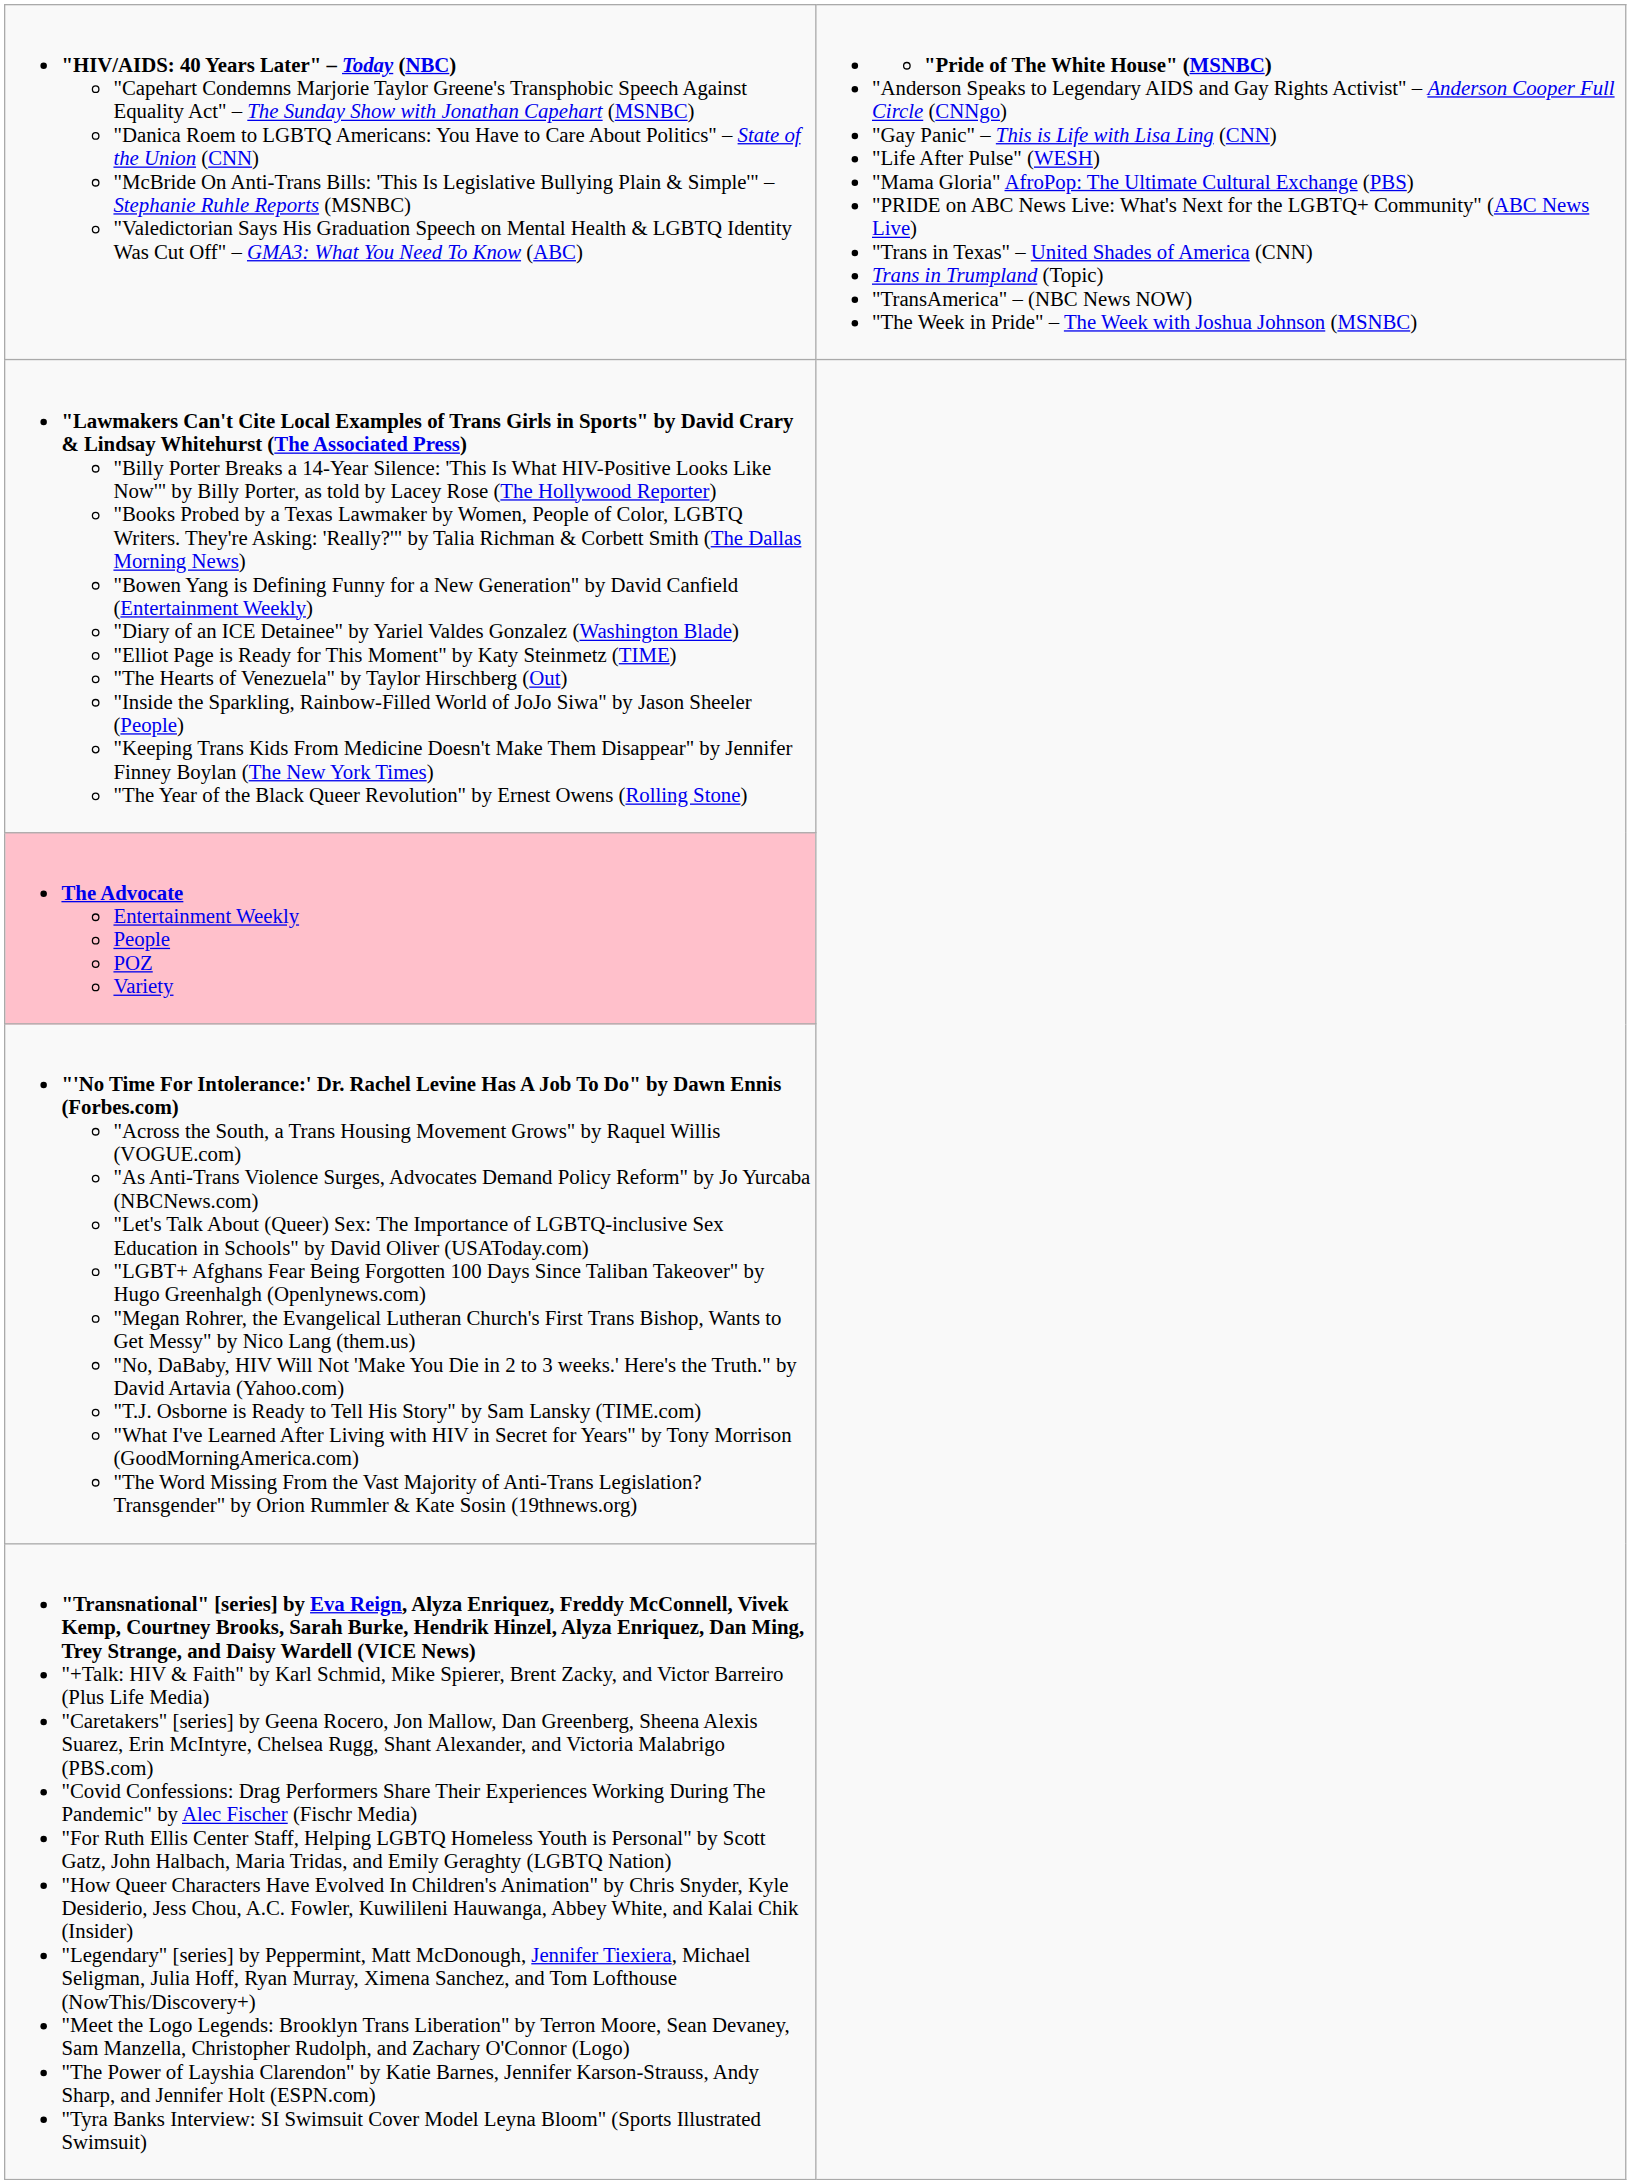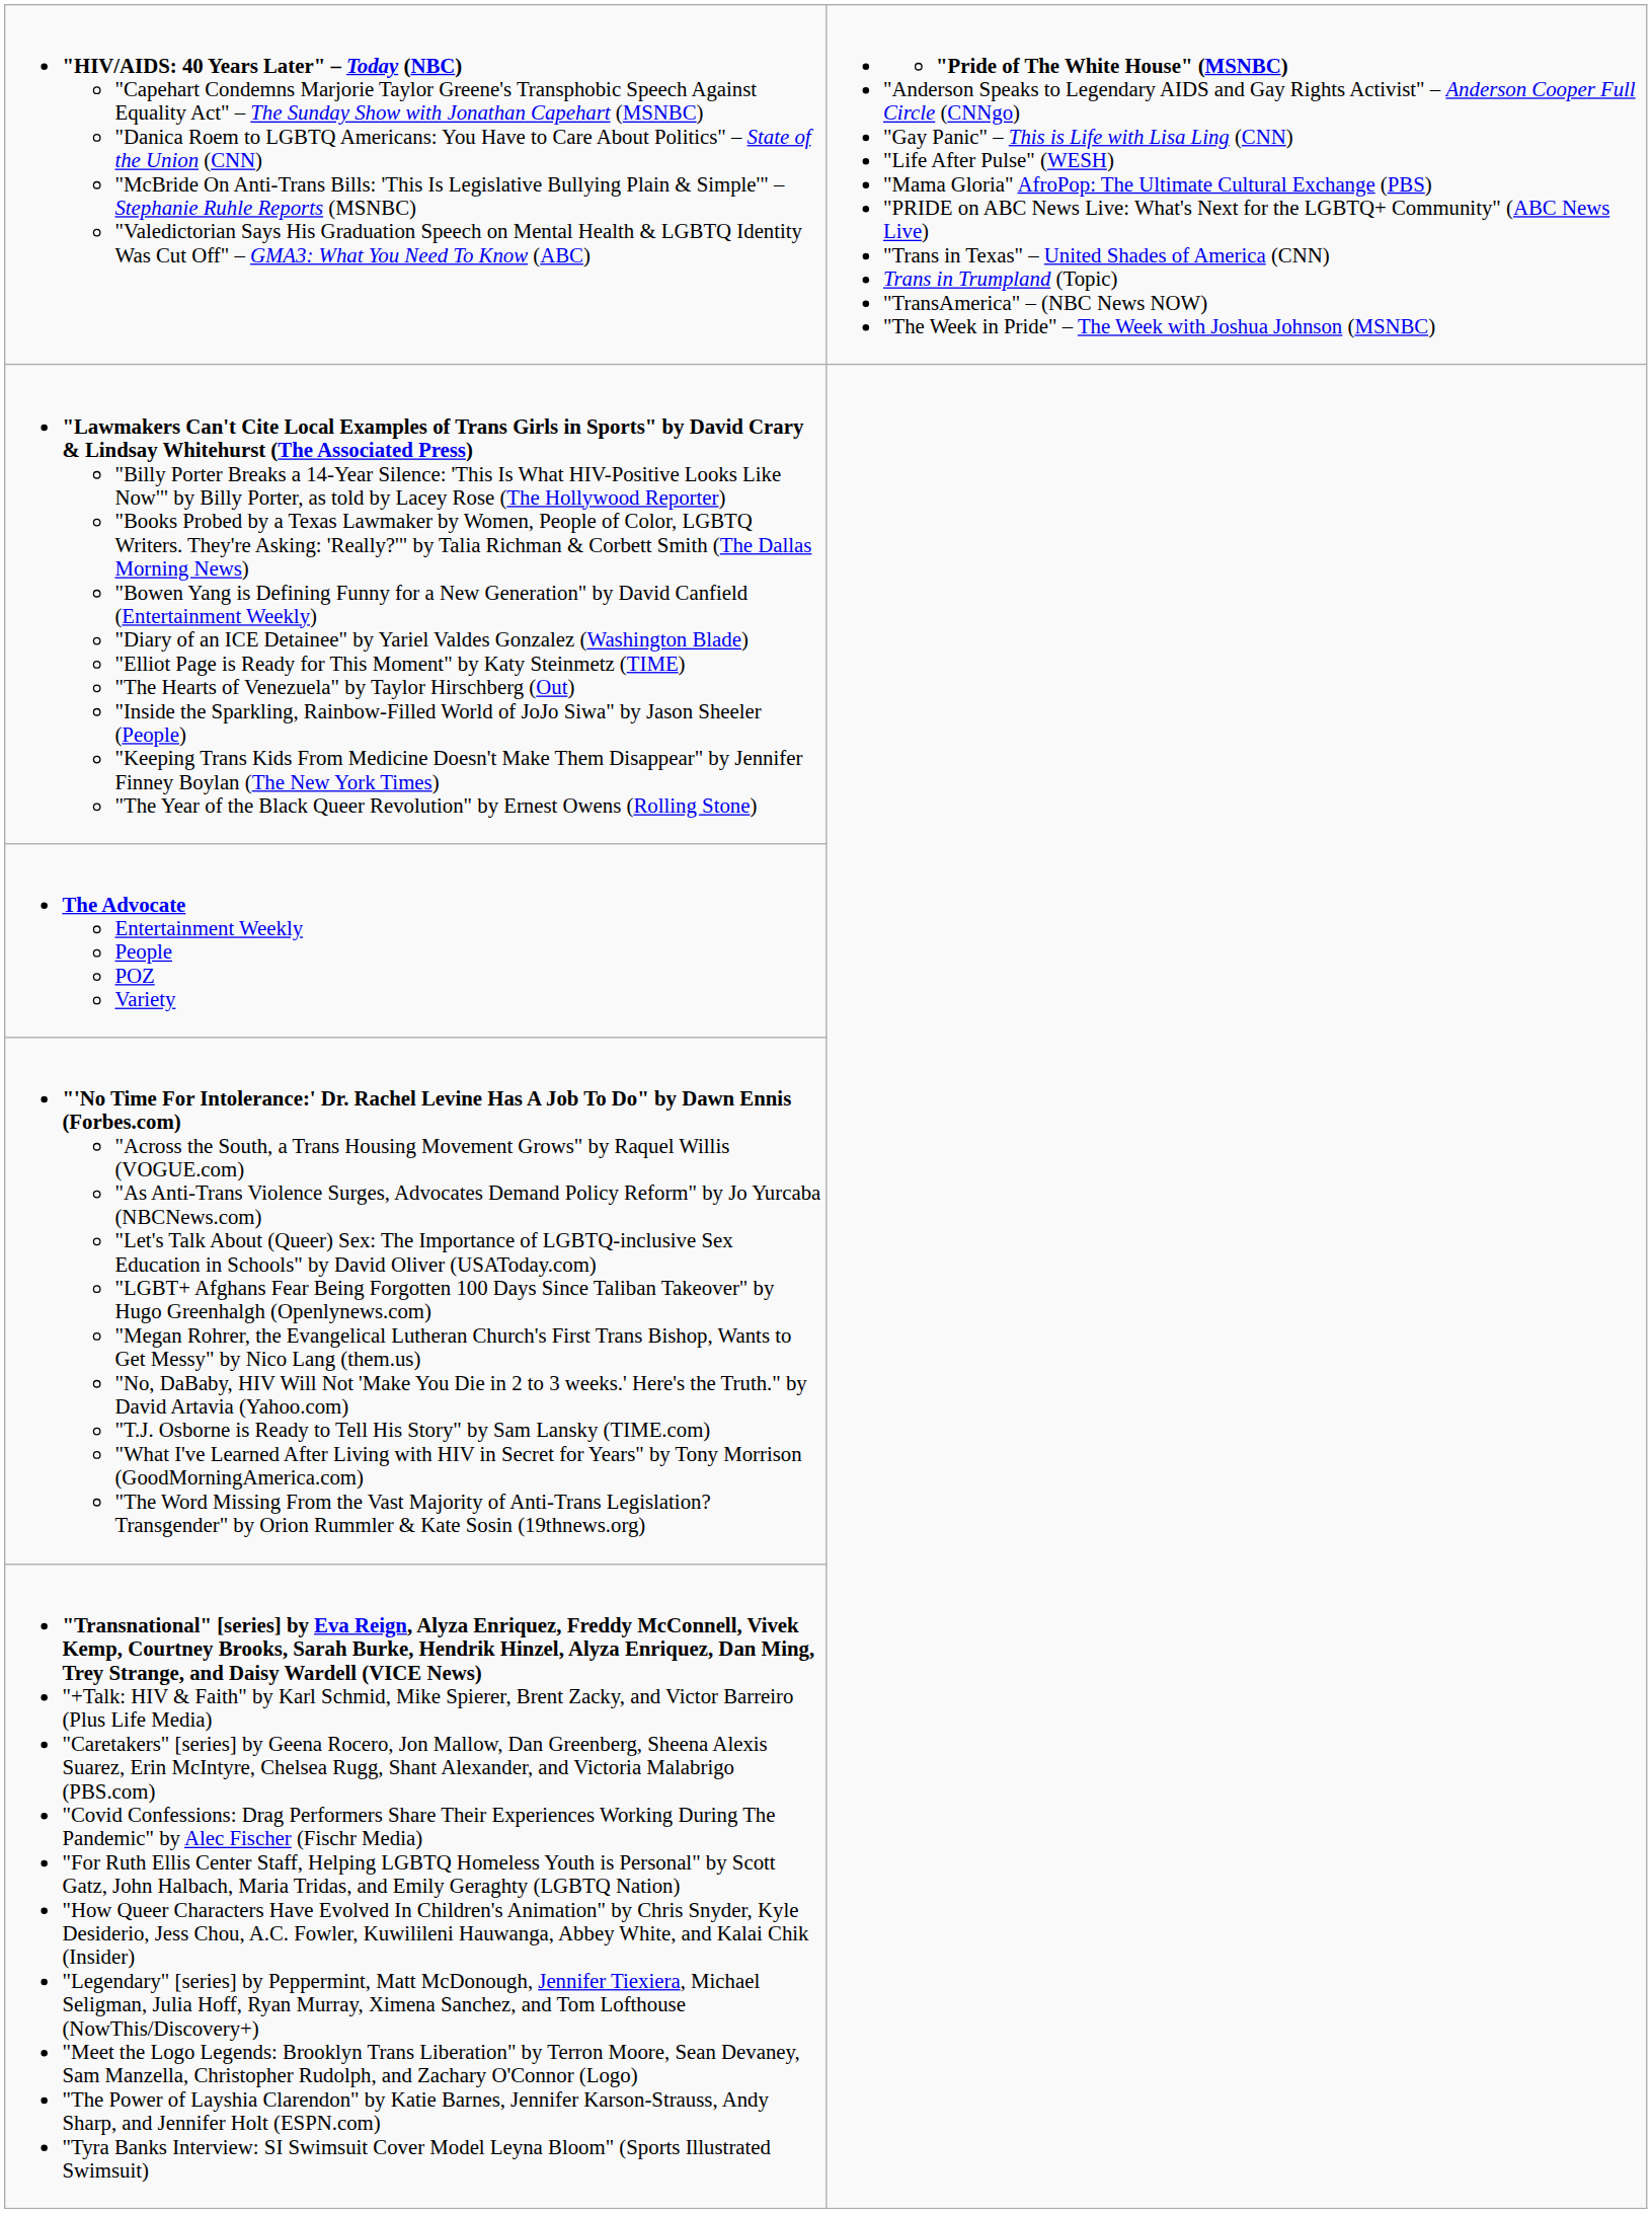 <table class=wikitable>
 <tr>
 <td style="vertical-align:top; width:50%;"><br><ul><li><strong>"HIV/AIDS: 40 Years Later" – <em><a href='#'>Today</a></em> (<a href='#'>NBC</a>)</strong> <ul><li>"Capehart Condemns Marjorie Taylor Greene's Transphobic Speech Against Equality Act" – <em><a href='#'>The Sunday Show with Jonathan Capehart</a></em> (<a href='#'>MSNBC</a>)</li><li>"Danica Roem to LGBTQ Americans: You Have to Care About Politics" – <em><a href='#'>State of the Union</a></em> (<a href='#'>CNN</a>)</li><li>"McBride On Anti-Trans Bills: 'This Is Legislative Bullying Plain & Simple'" – <em><a href='#'>Stephanie Ruhle Reports</a></em> (MSNBC)</li><li>"Valedictorian Says His Graduation Speech on Mental Health & LGBTQ Identity Was Cut Off" – <em><a href='#'>GMA3: What You Need To Know</a></em> (<a href='#'>ABC</a>)</li></ul></li></ul></td>
 <td style="vertical-align:top; width:50%;"><br><ul><li><ul><li><strong>"Pride of The White House" (<a href='#'>MSNBC</a>)</strong> </li></ul></li><li>"Anderson Speaks to Legendary AIDS and Gay Rights Activist" – <em><a href='#'>Anderson Cooper Full Circle</a></em> (<a href='#'>CNNgo</a>)</li><li>"Gay Panic" – <em><a href='#'>This is Life with Lisa Ling</a></em> (<a href='#'>CNN</a>)</li><li>"Life After Pulse" (<a href='#'>WESH</a>)</li><li>"Mama Gloria" <a href='#'>AfroPop: The Ultimate Cultural Exchange</a> (<a href='#'>PBS</a>)</li><li>"PRIDE on ABC News Live: What's Next for the LGBTQ+ Community" (<a href='#'>ABC News Live</a>)</li><li>"Trans in Texas" – <a href='#'>United Shades of America</a> (CNN)</li><li><em><a href='#'>Trans in Trumpland</a></em> (Topic)</li><li>"TransAmerica" – (NBC News NOW)</li><li>"The Week in Pride" – <a href='#'>The Week with Joshua Johnson</a> (<a href='#'>MSNBC</a>)</li></ul></td>
 </tr>
 <tr>
 <td style="vertical-align:top; width:50%;"><br><ul><li><strong>"Lawmakers Can't Cite Local Examples of Trans Girls in Sports" by David Crary & Lindsay Whitehurst (<a href='#'>The Associated Press</a>)</strong> <ul><li>"Billy Porter Breaks a 14-Year Silence: 'This Is What HIV-Positive Looks Like Now'" by Billy Porter, as told by Lacey Rose (<a href='#'>The Hollywood Reporter</a>)</li><li>"Books Probed by a Texas Lawmaker by Women, People of Color, LGBTQ Writers. They're Asking: 'Really?'" by Talia Richman & Corbett Smith (<a href='#'>The Dallas Morning News</a>)</li><li>"Bowen Yang is Defining Funny for a New Generation" by David Canfield (<a href='#'>Entertainment Weekly</a>)</li><li>"Diary of an ICE Detainee" by Yariel Valdes Gonzalez (<a href='#'>Washington Blade</a>)</li><li>"Elliot Page is Ready for This Moment" by Katy Steinmetz (<a href='#'>TIME</a>)</li><li>"The Hearts of Venezuela" by Taylor Hirschberg (<a href='#'>Out</a>)</li><li>"Inside the Sparkling, Rainbow-Filled World of JoJo Siwa" by Jason Sheeler (<a href='#'>People</a>)</li><li>"Keeping Trans Kids From Medicine Doesn't Make Them Disappear" by Jennifer Finney Boylan (<a href='#'>The New York Times</a>)</li><li>"The Year of the Black Queer Revolution" by Ernest Owens (<a href='#'>Rolling Stone</a>)</li></ul></li></ul></td>
 </tr>
 <tr>
-<td style="background: pink; vertical-align:top; width:50%;"><br><ul><li><strong><a href='#'>The Advocate</a></strong><ul><li><a href='#'>Entertainment Weekly</a></li><li><a href='#'>People</a></li><li><a href='#'>POZ</a></li><li><a href='#'>Variety</a></li></ul></li></ul></td>
+<td style="vertical-align:top; width:50%;"><br><ul><li><strong><a href='#'>The Advocate</a></strong><ul><li><a href='#'>Entertainment Weekly</a></li><li><a href='#'>People</a></li><li><a href='#'>POZ</a></li><li><a href='#'>Variety</a></li></ul></li></ul></td>
 </tr>
 <tr>
 <td style="vertical-align:top; width:50%;"><br><ul><li><strong>"'No Time For Intolerance:' Dr. Rachel Levine Has A Job To Do" by Dawn Ennis (Forbes.com)</strong> <ul><li>"Across the South, a Trans Housing Movement Grows" by Raquel Willis (VOGUE.com)</li><li>"As Anti-Trans Violence Surges, Advocates Demand Policy Reform" by Jo Yurcaba (NBCNews.com)</li><li>"Let's Talk About (Queer) Sex: The Importance of LGBTQ-inclusive Sex Education in Schools" by David Oliver (USAToday.com)</li><li>"LGBT+ Afghans Fear Being Forgotten 100 Days Since Taliban Takeover" by Hugo Greenhalgh (Openlynews.com)</li><li>"Megan Rohrer, the Evangelical Lutheran Church's First Trans Bishop, Wants to Get Messy" by Nico Lang (them.us)</li><li>"No, DaBaby, HIV Will Not 'Make You Die in 2 to 3 weeks.' Here's the Truth." by David Artavia (Yahoo.com)</li><li>"T.J. Osborne is Ready to Tell His Story" by Sam Lansky (TIME.com)</li><li>"What I've Learned After Living with HIV in Secret for Years" by Tony Morrison (GoodMorningAmerica.com)</li><li>"The Word Missing From the Vast Majority of Anti-Trans Legislation? Transgender" by Orion Rummler & Kate Sosin (19thnews.org)</li></ul></li></ul></td>
 </tr>
 <tr>
 <td style="vertical-align:top; width:50%;"><br><ul><li><strong>"Transnational" [series] by <a href='#'>Eva Reign</a>, Alyza Enriquez, Freddy McConnell, Vivek Kemp, Courtney Brooks, Sarah Burke, Hendrik Hinzel, Alyza Enriquez, Dan Ming, Trey Strange, and Daisy Wardell (VICE News)</strong> </li><li>"+Talk: HIV & Faith" by Karl Schmid, Mike Spierer, Brent Zacky, and Victor Barreiro (Plus Life Media)</li><li>"Caretakers" [series] by Geena Rocero, Jon Mallow, Dan Greenberg, Sheena Alexis Suarez, Erin McIntyre, Chelsea Rugg, Shant Alexander, and Victoria Malabrigo (PBS.com)</li><li>"Covid Confessions: Drag Performers Share Their Experiences Working During The Pandemic" by <a href='#'>Alec Fischer</a> (Fischr Media)</li><li>"For Ruth Ellis Center Staff, Helping LGBTQ Homeless Youth is Personal" by Scott Gatz, John Halbach, Maria Tridas, and Emily Geraghty (LGBTQ Nation)</li><li>"How Queer Characters Have Evolved In Children's Animation" by Chris Snyder, Kyle Desiderio, Jess Chou, A.C. Fowler, Kuwilileni Hauwanga, Abbey White, and Kalai Chik (Insider)</li><li>"Legendary" [series] by Peppermint, Matt McDonough, <a href='#'>Jennifer Tiexiera</a>, Michael Seligman, Julia Hoff, Ryan Murray, Ximena Sanchez, and Tom Lofthouse (NowThis/Discovery+)</li><li>"Meet the Logo Legends: Brooklyn Trans Liberation" by Terron Moore, Sean Devaney, Sam Manzella, Christopher Rudolph, and Zachary O'Connor (Logo)</li><li>"The Power of Layshia Clarendon" by Katie Barnes, Jennifer Karson-Strauss, Andy Sharp, and Jennifer Holt (ESPN.com)</li><li>"Tyra Banks Interview: SI Swimsuit Cover Model Leyna Bloom" (Sports Illustrated Swimsuit)</li></ul></td>
 </tr>
 </table>
